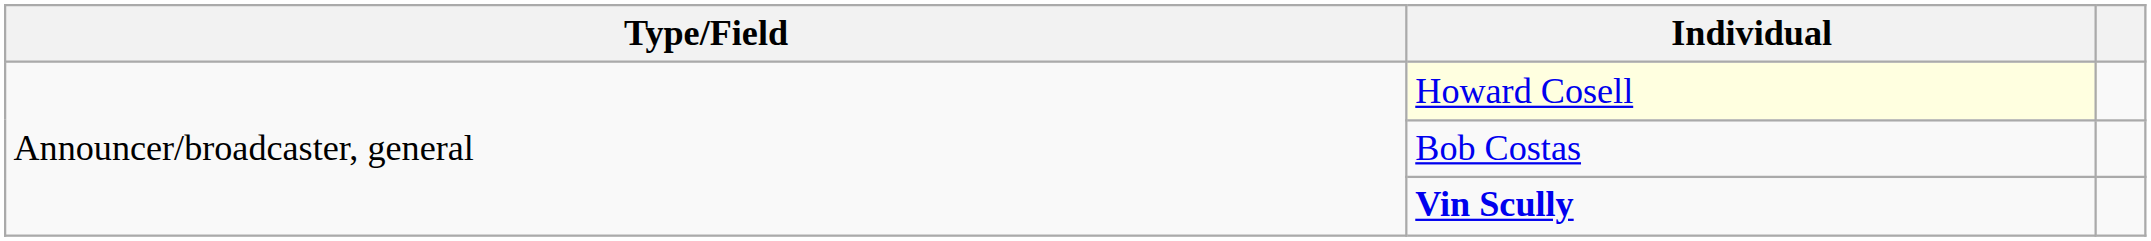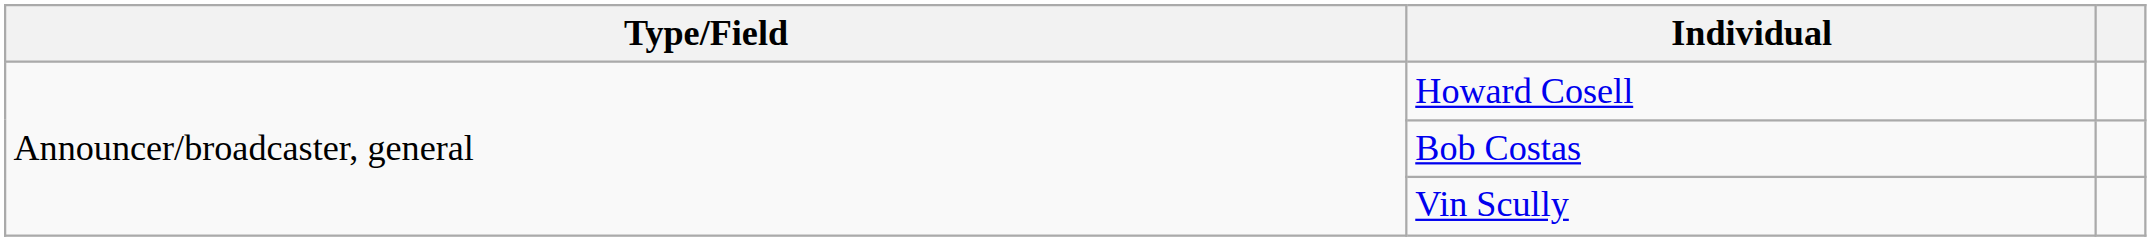 <table class="wikitable mw-uncollapsed" style="width:75%;">
 <tr>
 <th>Type/Field</th>
 <th>Individual</th>
 <th></th>
 </tr>
 <tr>
 <td rowspan="3">Announcer/broadcaster, general</td>
-<td style="background: lightyellow;"><a href='#'>Howard Cosell</a></td>
+<td><a href='#'>Howard Cosell</a></td>
 <td></td>
 </tr>
 <tr>
 <td><a href='#'>Bob Costas</a></td>
 <td></td>
 </tr>
 <tr>
-<td><strong><a href='#'>Vin Scully</a></strong></td>
+<td><a href='#'>Vin Scully</a></td>
 <td></td>
 </tr>
 </table>
